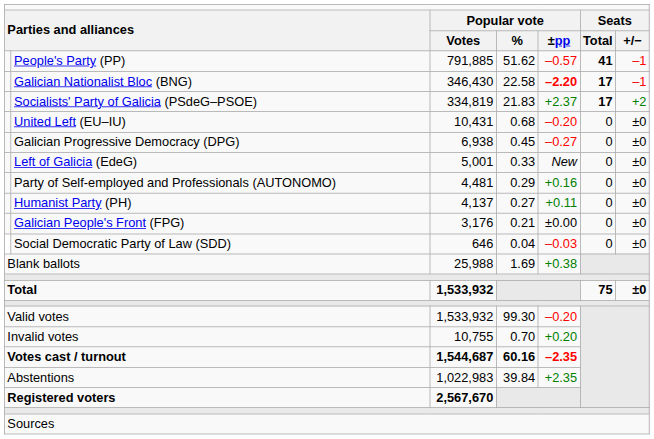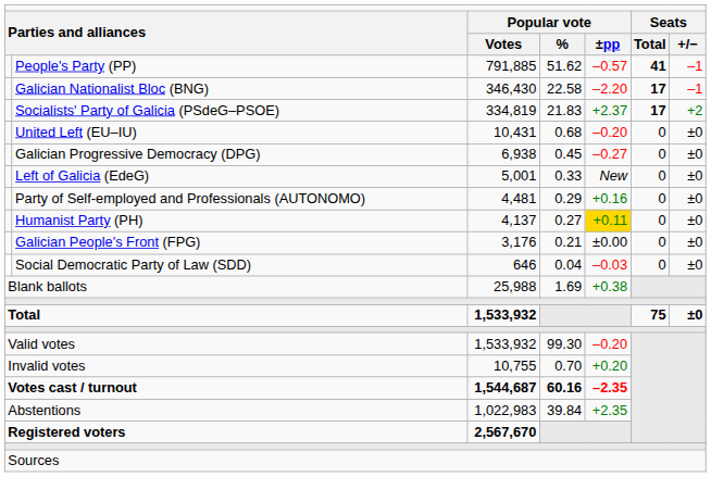 <table class="wikitable" style="text-align:right;">
 <tr>
 <td colspan="7"></td>
 </tr>
 <tr>
 <th style="text-align:left;" rowspan="2" colspan="2" width="525">Parties and alliances</th>
 <th colspan="3">Popular vote</th>
 <th colspan="2">Seats</th>
 </tr>
 <tr>
 <th width="75">Votes</th>
 <th width="45">%</th>
 <th width="45">±<a href='#'>pp</a></th>
 <th width="35">Total</th>
 <th width="35">+/−</th>
 </tr>
 <tr>
 <td width="1" style="color:inherit;background:"></td>
 <td align="left"><a href='#'>People's Party</a> (PP)</td>
 <td>791,885</td>
 <td>51.62</td>
 <td style="color:red;">–0.57</td>
 <td><strong>41</strong></td>
 <td style="color:red;">–1</td>
 </tr>
 <tr>
 <td style="color:inherit;background:"></td>
 <td align="left"><a href='#'>Galician Nationalist Bloc</a> (BNG)</td>
 <td>346,430</td>
 <td>22.58</td>
-<td style="color:red;"><strong>–2.20</strong></td>
+<td style="color:red;">–2.20</td>
 <td><strong>17</strong></td>
 <td style="color:red;">–1</td>
 </tr>
 <tr>
 <td style="color:inherit;background:"></td>
 <td align="left"><a href='#'>Socialists' Party of Galicia</a> (PSdeG–PSOE)</td>
 <td>334,819</td>
 <td>21.83</td>
 <td style="color:green;">+2.37</td>
 <td><strong>17</strong></td>
 <td style="color:green;">+2</td>
 </tr>
 <tr>
 <td style="color:inherit;background:"></td>
 <td align="left"><a href='#'>United Left</a> (EU–IU)</td>
 <td>10,431</td>
 <td>0.68</td>
 <td style="color:red;">–0.20</td>
 <td>0</td>
 <td>±0</td>
 </tr>
 <tr>
 <td style="color:inherit;background:"></td>
 <td align="left">Galician Progressive Democracy (DPG)</td>
 <td>6,938</td>
 <td>0.45</td>
 <td style="color:red;">–0.27</td>
 <td>0</td>
 <td>±0</td>
 </tr>
 <tr>
 <td style="color:inherit;background:"></td>
 <td align="left"><a href='#'>Left of Galicia</a> (EdeG)</td>
 <td>5,001</td>
 <td>0.33</td>
 <td><em>New</em></td>
 <td>0</td>
 <td>±0</td>
 </tr>
 <tr>
 <td style="color:inherit;background:"></td>
 <td align="left">Party of Self-employed and Professionals (AUTONOMO)</td>
 <td>4,481</td>
 <td>0.29</td>
 <td style="color:green;">+0.16</td>
 <td>0</td>
 <td>±0</td>
 </tr>
 <tr>
 <td style="color:inherit;background:"></td>
 <td align="left"><a href='#'>Humanist Party</a> (PH)</td>
 <td>4,137</td>
 <td>0.27</td>
-<td style="color:green;">+0.11</td>
+<td style="background: gold; color:green;">+0.11</td>
 <td>0</td>
 <td>±0</td>
 </tr>
 <tr>
 <td style="color:inherit;background:"></td>
 <td align="left"><a href='#'>Galician People's Front</a> (FPG)</td>
 <td>3,176</td>
 <td>0.21</td>
 <td>±0.00</td>
 <td>0</td>
 <td>±0</td>
 </tr>
 <tr>
 <td bgcolor="white"></td>
 <td align="left">Social Democratic Party of Law (SDD)</td>
 <td>646</td>
 <td>0.04</td>
 <td style="color:red;">–0.03</td>
 <td>0</td>
 <td>±0</td>
 </tr>
 <tr>
 <td align="left" colspan="2">Blank ballots</td>
 <td>25,988</td>
 <td>1.69</td>
 <td style="color:green;">+0.38</td>
 <td bgcolor="#E9E9E9" colspan="2"></td>
 </tr>
 <tr>
 <td colspan="7" bgcolor="#E9E9E9"></td>
 </tr>
 <tr style="font-weight:bold;">
 <td align="left" colspan="2">Total</td>
 <td>1,533,932</td>
 <td bgcolor="#E9E9E9" colspan="2"></td>
 <td>75</td>
 <td>±0</td>
 </tr>
 <tr>
 <td colspan="7" bgcolor="#E9E9E9"></td>
 </tr>
 <tr>
 <td align="left" colspan="2">Valid votes</td>
 <td>1,533,932</td>
 <td>99.30</td>
 <td style="color:red;">–0.20</td>
 <td bgcolor="#E9E9E9" colspan="7" rowspan="5"></td>
 </tr>
 <tr>
 <td align="left" colspan="2">Invalid votes</td>
 <td>10,755</td>
 <td>0.70</td>
 <td style="color:green;">+0.20</td>
 </tr>
 <tr style="font-weight:bold;">
 <td align="left" colspan="2">Votes cast / turnout</td>
 <td>1,544,687</td>
 <td>60.16</td>
 <td style="color:red;">–2.35</td>
 </tr>
 <tr>
 <td align="left" colspan="2">Abstentions</td>
 <td>1,022,983</td>
 <td>39.84</td>
 <td style="color:green;">+2.35</td>
 </tr>
 <tr style="font-weight:bold;">
 <td align="left" colspan="2">Registered voters</td>
 <td>2,567,670</td>
 <td bgcolor="#E9E9E9" colspan="2"></td>
 </tr>
 <tr>
 <td colspan="7" bgcolor="#E9E9E9"></td>
 </tr>
 <tr>
 <td align="left" colspan="7">Sources</td>
 </tr>
 </table>
